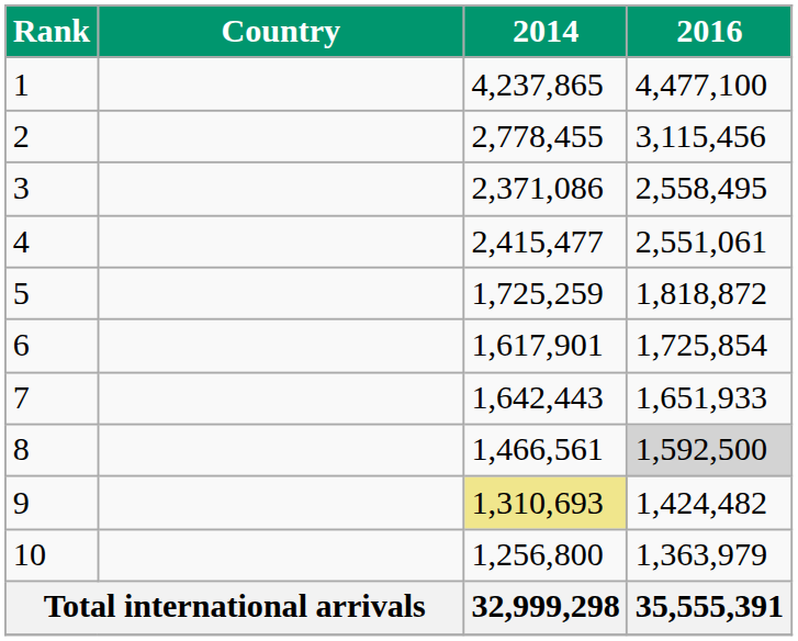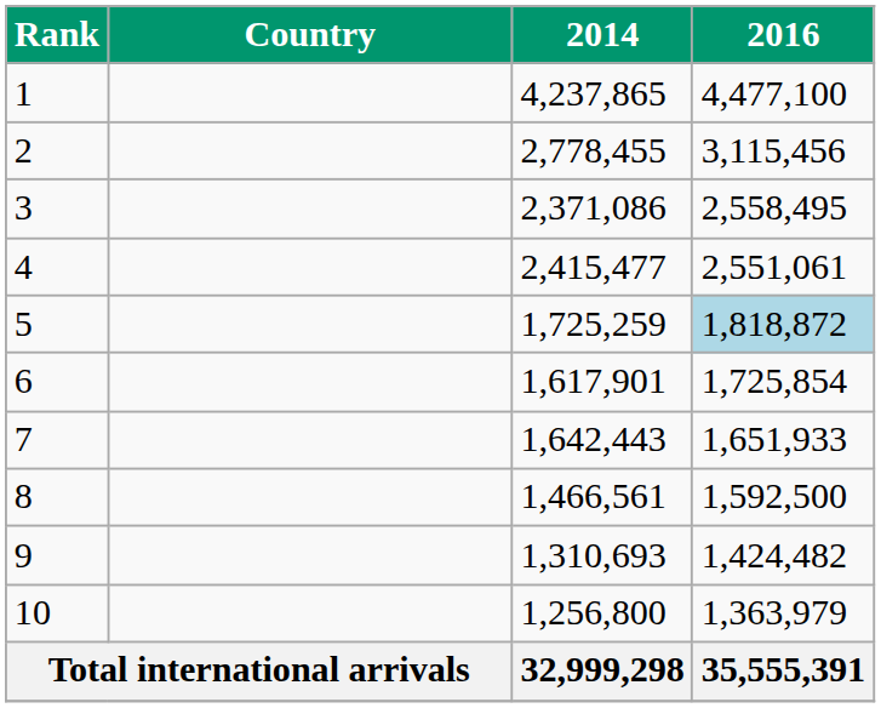 <table class="wikitable">
 <tr>
 </tr>
 <tr style="color:white;">
 <th style="width:5px; background:#00966E;">Rank</th>
 <th style="width:170px; background:#00966E;">Country</th>
 <th style="width:50px; background:#00966E;">2014</th>
 <th style="width:50px; background:#00966E;">2016</th>
 </tr>
 <tr>
 <td>1</td>
 <td></td>
 <td>4,237,865</td>
 <td>4,477,100</td>
 </tr>
 <tr>
 <td>2</td>
 <td></td>
 <td>2,778,455</td>
 <td>3,115,456</td>
 </tr>
 <tr>
 <td>3</td>
 <td></td>
 <td>2,371,086</td>
 <td>2,558,495</td>
 </tr>
 <tr>
 <td>4</td>
 <td></td>
 <td>2,415,477</td>
 <td>2,551,061</td>
 </tr>
 <tr>
 <td>5</td>
 <td></td>
 <td>1,725,259</td>
-<td>1,818,872</td>
+<td style="background: lightblue;">1,818,872</td>
 </tr>
 <tr>
 <td>6</td>
 <td></td>
 <td>1,617,901</td>
 <td>1,725,854</td>
 </tr>
 <tr>
 <td>7</td>
 <td></td>
 <td>1,642,443</td>
 <td>1,651,933</td>
 </tr>
 <tr>
 <td>8</td>
 <td></td>
 <td>1,466,561</td>
-<td style="background: lightgrey;">1,592,500</td>
+<td>1,592,500</td>
 </tr>
 <tr>
 <td>9</td>
 <td></td>
-<td style="background: khaki;">1,310,693</td>
+<td>1,310,693</td>
 <td>1,424,482</td>
 </tr>
 <tr>
 <td>10</td>
 <td></td>
 <td>1,256,800</td>
 <td>1,363,979</td>
 </tr>
 <tr>
 <th colspan=2>Total international arrivals</th>
 <th>32,999,298</th>
 <th>35,555,391</th>
 </tr>
 <tr>
 </tr>
 </table>
